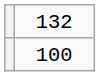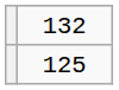 <table class="wikitable">
 <tr>
 <th></th>
 <td style="padding-left: 1em; padding-right: 1em;">132</td>
 </tr>
 <tr>
 <th></th>
-<td style="padding-left: 1em; padding-right: 1em;">100</td>
+<td style="padding-left: 1em; padding-right: 1em;">125</td>
 </tr>
 </table>
